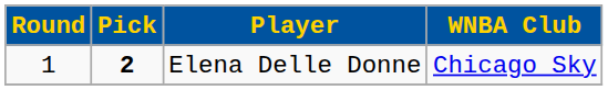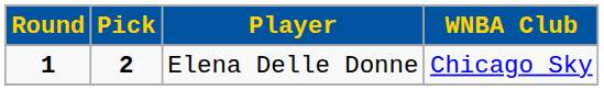 <table class="wikitable" style="text-align:center">
 <tr>
 <th style="background:#00539f; color:#FFD200;">Round</th>
 <th style="background:#00539f; color:#FFD200;">Pick</th>
 <th style="background:#00539f; color:#FFD200;">Player</th>
 <th style="background:#00539f; color:#FFD200;">WNBA Club</th>
 </tr>
 <tr>
-<td>1</td>
+<td><strong>1</strong></td>
 <td><strong>2</strong></td>
 <td>Elena Delle Donne</td>
 <td><a href='#'>Chicago Sky</a></td>
 </tr>
 <tr>
 </tr>
 </table>
